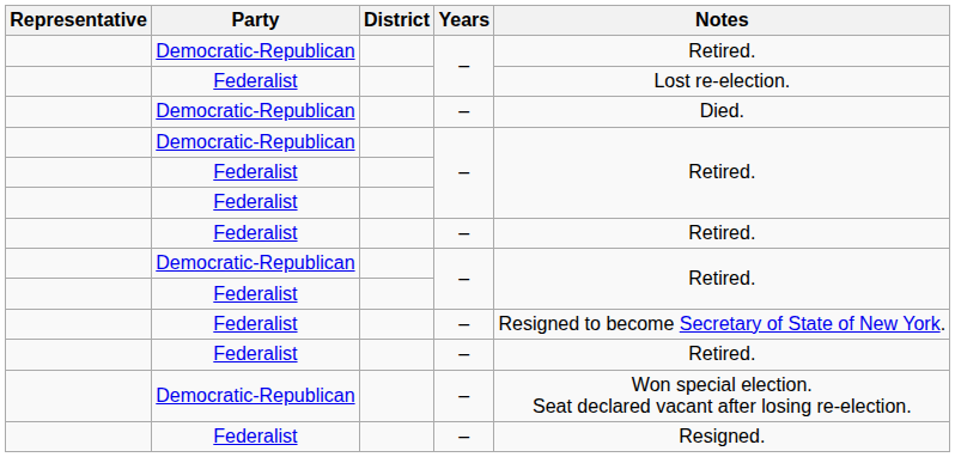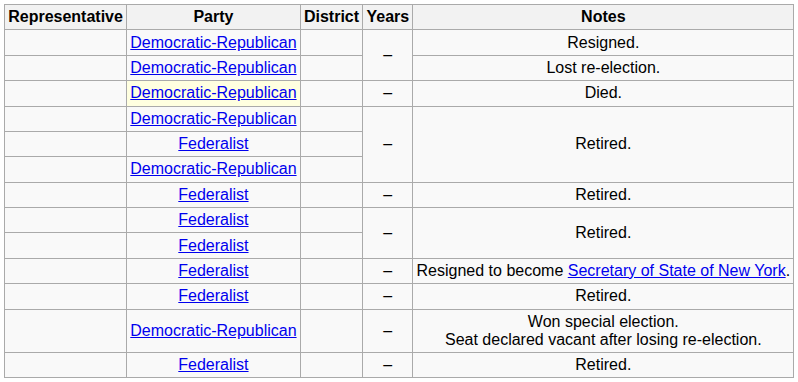 <table class="wikitable sortable" style="text-align:center">
 <tr valign=bottom>
 <th>Representative</th>
 <th>Party</th>
 <th>District</th>
 <th>Years</th>
 <th>Notes</th>
 </tr>
 <tr>
 <td align=left></td>
 <td><a href='#'>Democratic-Republican</a></td>
 <td></td>
 <td rowspan="2" nowrap=""> –<br></td>
-<td>Retired.</td>
+<td>Resigned.</td>
 </tr>
 <tr>
 <td align=left></td>
-<td><a href='#'>Federalist</a></td>
+<td><a href='#'>Democratic-Republican</a></td>
 <td></td>
 <td>Lost re-election.</td>
 </tr>
 <tr>
 <td align=left></td>
-<td><a href='#'>Democratic-Republican</a></td>
+<td style="background: lightyellow;"><a href='#'>Democratic-Republican</a></td>
 <td></td>
 <td nowrap> –<br></td>
 <td>Died.</td>
 </tr>
 <tr>
 <td align=left></td>
 <td><a href='#'>Democratic-Republican</a></td>
 <td></td>
 <td rowspan="3" nowrap=""> –<br></td>
 <td rowspan="3">Retired.</td>
 </tr>
 <tr>
 <td align=left></td>
 <td><a href='#'>Federalist</a></td>
 <td></td>
 </tr>
 <tr>
 <td align=left></td>
-<td><a href='#'>Federalist</a></td>
+<td><a href='#'>Democratic-Republican</a></td>
 <td></td>
 </tr>
 <tr>
 <td align=left></td>
 <td><a href='#'>Federalist</a></td>
 <td></td>
 <td nowrap> –<br></td>
 <td>Retired.</td>
 </tr>
 <tr>
 <td align=left></td>
-<td><a href='#'>Democratic-Republican</a></td>
+<td><a href='#'>Federalist</a></td>
 <td></td>
 <td rowspan="2" nowrap=""> –<br></td>
 <td rowspan="2">Retired.</td>
 </tr>
 <tr>
 <td align=left></td>
 <td><a href='#'>Federalist</a></td>
 <td></td>
 </tr>
 <tr>
 <td align=left></td>
 <td><a href='#'>Federalist</a></td>
 <td></td>
 <td nowrap> –<br></td>
 <td>Resigned to become <a href='#'>Secretary of State of New York</a>.</td>
 </tr>
 <tr>
 <td align=left></td>
 <td><a href='#'>Federalist</a></td>
 <td></td>
 <td nowrap> –<br></td>
 <td>Retired.</td>
 </tr>
 <tr>
 <td align=left></td>
 <td><a href='#'>Democratic-Republican</a></td>
 <td></td>
 <td nowrap> –<br></td>
 <td>Won special election.<br>Seat declared vacant after losing re-election.</td>
 </tr>
 <tr>
 <td align=left></td>
 <td><a href='#'>Federalist</a></td>
 <td></td>
 <td nowrap> –<br></td>
-<td>Resigned.</td>
+<td>Retired.</td>
 </tr>
 </table>
